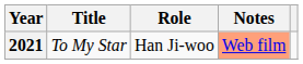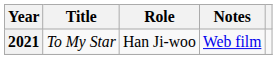 <table class="wikitable sortable plainrowheaders">
 <tr>
 <th scope="col">Year</th>
 <th scope="col">Title</th>
 <th scope="col">Role</th>
 <th scope="col">Notes</th>
 <th scope="col" class="unsortable"></th>
 </tr>
 <tr>
 <th scope="row">2021</th>
 <td><em>To My Star</em></td>
 <td>Han Ji-woo</td>
-<td style="background: lightsalmon;"><a href='#'>Web film</a></td>
+<td><a href='#'>Web film</a></td>
 <td style="text-align:center;"></td>
 </tr>
 <tr>
 </tr>
 </table>
